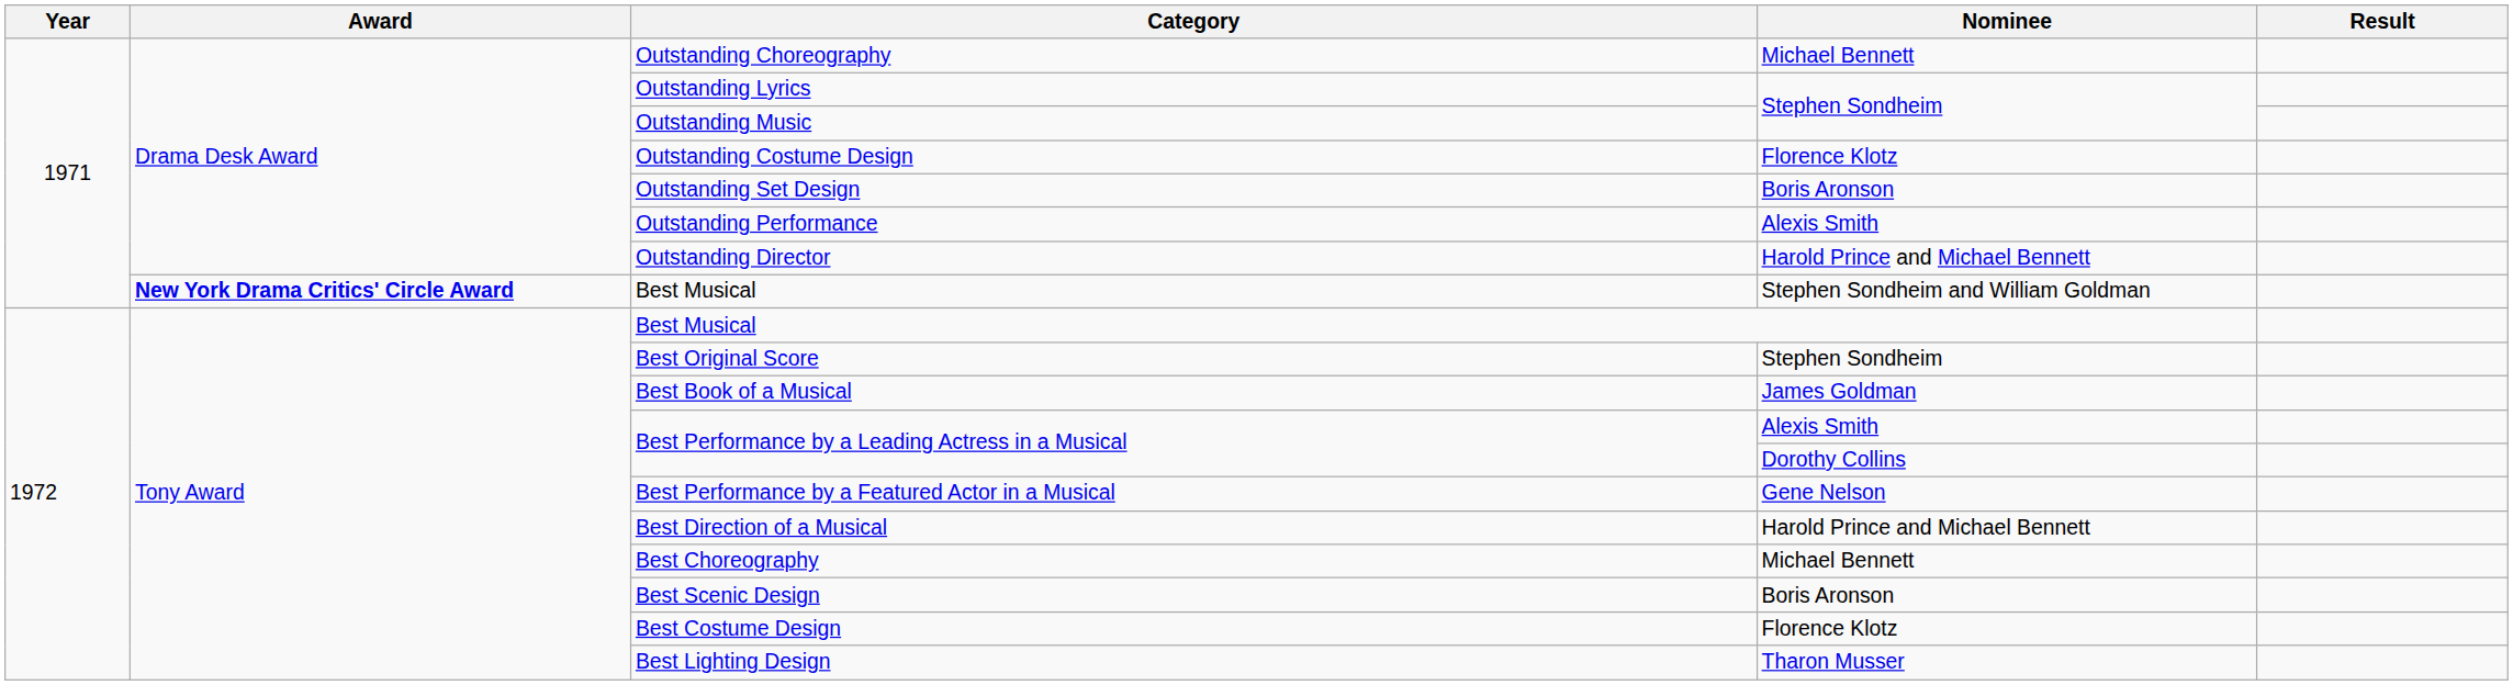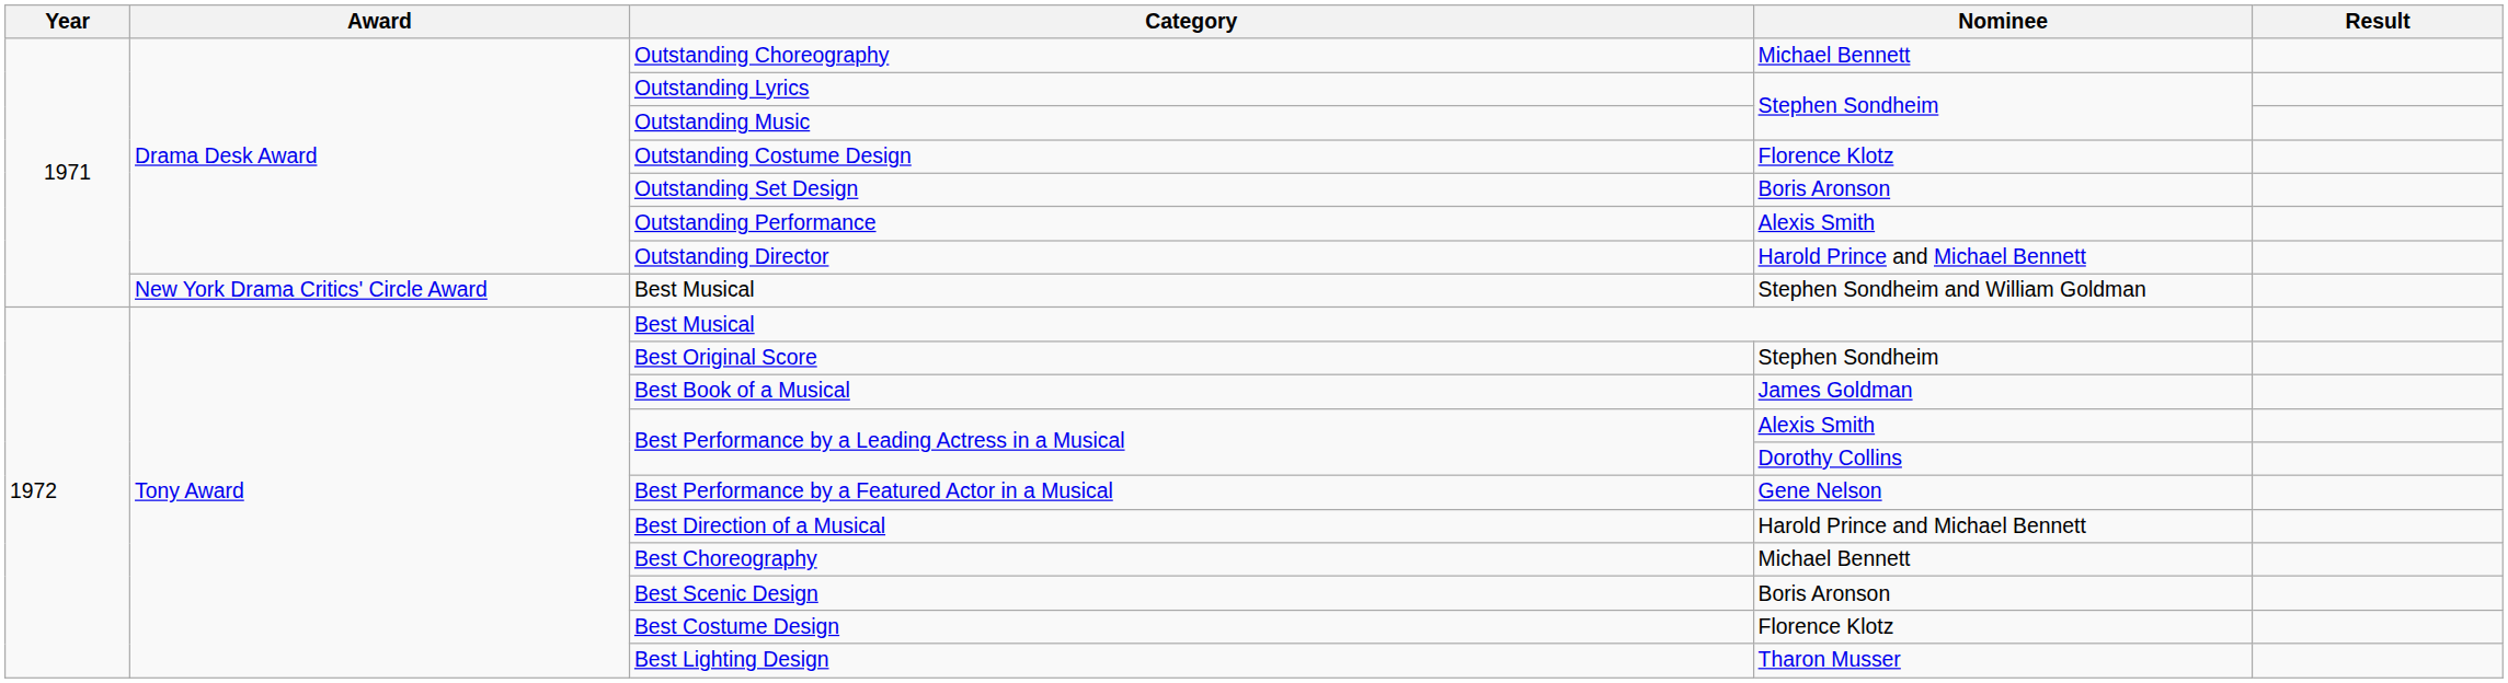 <table class="wikitable" width="95%">
 <tr>
 <th width="5%">Year</th>
 <th width="20%">Award</th>
 <th width="45%">Category</th>
 <th width="20%">Nominee</th>
 <th width="10%">Result</th>
 </tr>
 <tr>
 <td rowspan="8" align="center">1971</td>
 <td rowspan="7"><a href='#'>Drama Desk Award</a></td>
 <td><a href='#'>Outstanding Choreography</a></td>
 <td><a href='#'>Michael Bennett</a></td>
 <td></td>
 </tr>
 <tr>
 <td><a href='#'>Outstanding Lyrics</a></td>
 <td rowspan="2"><a href='#'>Stephen Sondheim</a></td>
 <td></td>
 </tr>
 <tr>
 <td><a href='#'>Outstanding Music</a></td>
 <td></td>
 </tr>
 <tr>
 <td><a href='#'>Outstanding Costume Design</a></td>
 <td><a href='#'>Florence Klotz</a></td>
 <td></td>
 </tr>
 <tr>
 <td><a href='#'>Outstanding Set Design</a></td>
 <td><a href='#'>Boris Aronson</a></td>
 <td></td>
 </tr>
 <tr>
 <td><a href='#'>Outstanding Performance</a></td>
 <td><a href='#'>Alexis Smith</a></td>
 <td></td>
 </tr>
 <tr>
 <td><a href='#'>Outstanding Director</a></td>
 <td><a href='#'>Harold Prince</a> and <a href='#'>Michael Bennett</a></td>
 <td></td>
 </tr>
 <tr>
-<td><strong><a href='#'>New York Drama Critics' Circle Award</a></strong></td>
+<td><a href='#'>New York Drama Critics' Circle Award</a></td>
 <td>Best Musical</td>
 <td>Stephen Sondheim and William Goldman</td>
 <td></td>
 </tr>
 <tr>
 <td rowspan="11">1972</td>
 <td rowspan="11"><a href='#'>Tony Award</a></td>
 <td colspan="2"><a href='#'>Best Musical</a></td>
 <td></td>
 </tr>
 <tr>
 <td><a href='#'>Best Original Score</a></td>
 <td>Stephen Sondheim</td>
 <td></td>
 </tr>
 <tr>
 <td><a href='#'>Best Book of a Musical</a></td>
 <td><a href='#'>James Goldman</a></td>
 <td></td>
 </tr>
 <tr>
 <td rowspan="2"><a href='#'>Best Performance by a Leading Actress in a Musical</a></td>
 <td><a href='#'>Alexis Smith</a></td>
 <td></td>
 </tr>
 <tr>
 <td><a href='#'>Dorothy Collins</a></td>
 <td></td>
 </tr>
 <tr>
 <td><a href='#'>Best Performance by a Featured Actor in a Musical</a></td>
 <td><a href='#'>Gene Nelson</a></td>
 <td></td>
 </tr>
 <tr>
 <td><a href='#'>Best Direction of a Musical</a></td>
 <td>Harold Prince and Michael Bennett</td>
 <td></td>
 </tr>
 <tr>
 <td><a href='#'>Best Choreography</a></td>
 <td>Michael Bennett</td>
 <td></td>
 </tr>
 <tr>
 <td><a href='#'>Best Scenic Design</a></td>
 <td>Boris Aronson</td>
 <td></td>
 </tr>
 <tr>
 <td><a href='#'>Best Costume Design</a></td>
 <td>Florence Klotz</td>
 <td></td>
 </tr>
 <tr>
 <td><a href='#'>Best Lighting Design</a></td>
 <td><a href='#'>Tharon Musser</a></td>
 <td></td>
 </tr>
 </table>
